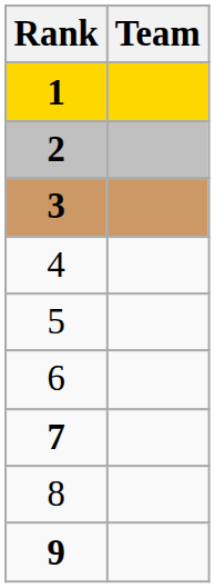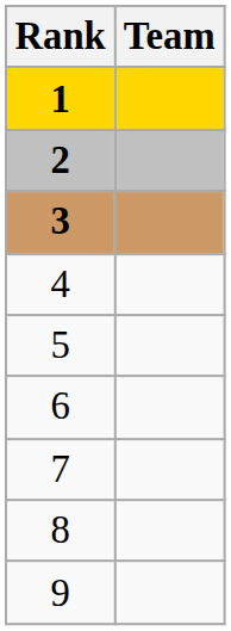 <table class="wikitable" style="text-align:center">
 <tr>
 <th>Rank</th>
 <th>Team</th>
 </tr>
 <tr bgcolor="gold">
 <td><strong>1</strong></td>
 <td align="left"><strong></strong></td>
 </tr>
 <tr bgcolor="silver">
 <td><strong>2</strong></td>
 <td align="left"><strong></strong></td>
 </tr>
 <tr bgcolor="#CC9966">
 <td><strong>3</strong></td>
 <td align="left"><strong></strong></td>
 </tr>
 <tr>
 <td>4</td>
 <td align="left"></td>
 </tr>
 <tr>
 <td>5</td>
 <td align="left"></td>
 </tr>
 <tr>
 <td>6</td>
 <td align="left"></td>
 </tr>
 <tr>
-<td><strong>7</strong></td>
+<td>7</td>
 <td align="left"></td>
 </tr>
 <tr>
 <td>8</td>
 <td align="left"></td>
 </tr>
 <tr>
-<td><strong>9</strong></td>
+<td>9</td>
 <td align="left"></td>
 </tr>
 </table>
